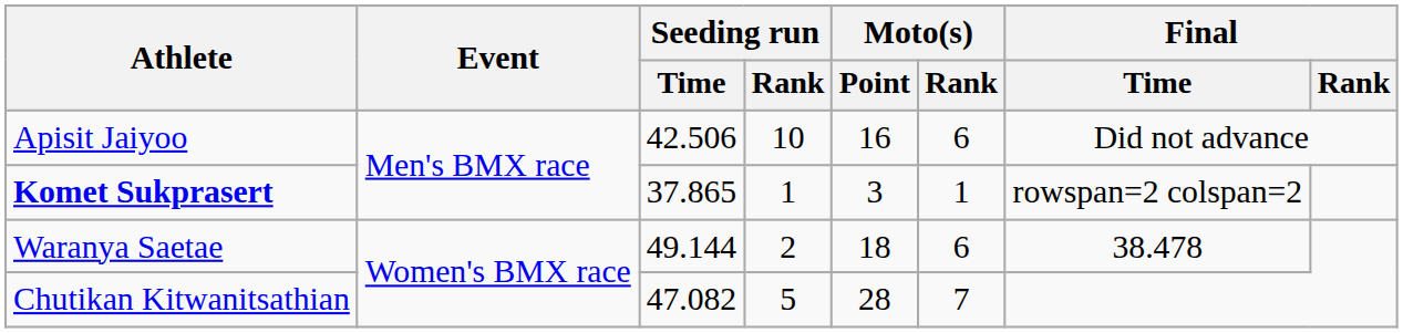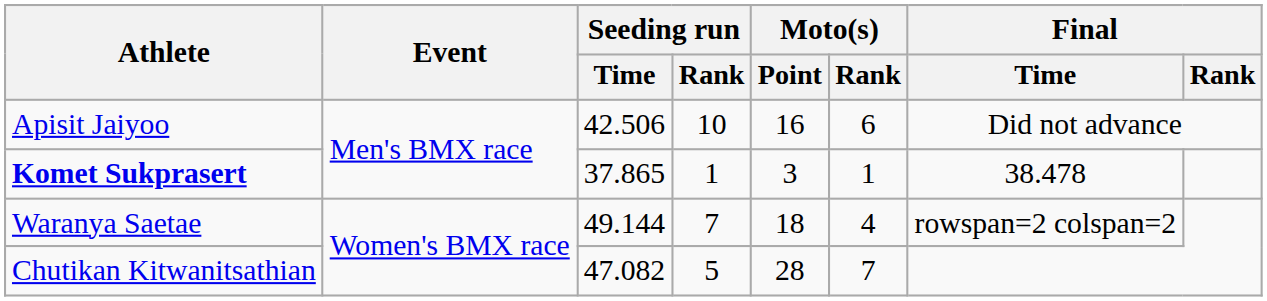 <table class="wikitable" style="font-size:90%;">
 <tr>
 <th rowspan=2>Athlete</th>
 <th rowspan=2>Event</th>
 <th colspan=2>Seeding run</th>
 <th colspan=2>Moto(s)</th>
 <th colspan=2>Final</th>
 </tr>
 <tr style="font-size:95%">
 <th>Time</th>
 <th>Rank</th>
 <th>Point</th>
 <th>Rank</th>
 <th>Time</th>
 <th>Rank</th>
 </tr>
 <tr align=center>
 <td align=left><a href='#'>Apisit Jaiyoo</a></td>
 <td rowspan=2 align=left><a href='#'>Men's BMX race</a></td>
 <td>42.506</td>
 <td>10</td>
 <td>16</td>
 <td>6</td>
 <td colspan="2">Did not advance</td>
 </tr>
 <tr align=center>
 <td align=left><strong><a href='#'>Komet Sukprasert</a></strong></td>
 <td>37.865</td>
 <td>1</td>
 <td>3</td>
 <td>1 <strong></strong></td>
-<td>rowspan=2 colspan=2 </td>
+<td>38.478</td>
 <td></td>
 </tr>
 <tr align=center>
 <td align=left><a href='#'>Waranya Saetae</a></td>
 <td rowspan=2 align=left><a href='#'>Women's BMX race</a></td>
 <td>49.144</td>
-<td>2</td>
+<td>7</td>
 <td>18</td>
-<td>6</td>
-<td>38.478</td>
+<td>4</td>
+<td>rowspan=2 colspan=2 </td>
 </tr>
 <tr align=center>
 <td align=left><a href='#'>Chutikan Kitwanitsathian</a></td>
 <td>47.082</td>
 <td>5</td>
 <td>28</td>
 <td>7</td>
 </tr>
 </table>
